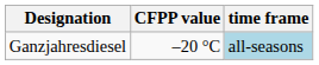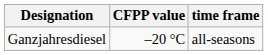 <table class="wikitable">
 <tr>
 <th>Designation</th>
 <th>CFPP value</th>
 <th>time frame</th>
 </tr>
 <tr>
 <td>Ganzjahresdiesel</td>
 <td align=right>–20 °C</td>
-<td style="background: lightblue;">all-seasons</td>
+<td>all-seasons</td>
 </tr>
 </table>
